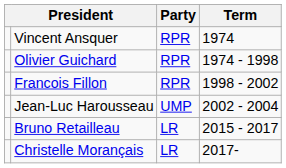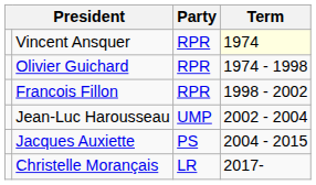 <table class="wikitable sortable">
 <tr>
 <th colspan="2">President</th>
 <th>Party</th>
 <th>Term</th>
 </tr>
 <tr>
 <td style="color:inherit;background:"></td>
 <td>Vincent Ansquer</td>
 <td><a href='#'>RPR</a></td>
-<td>1974</td>
+<td style="background: lightyellow;">1974</td>
 </tr>
 <tr>
 <td style="color:inherit;background:"></td>
 <td><a href='#'>Olivier Guichard</a></td>
 <td><a href='#'>RPR</a></td>
 <td>1974 - 1998</td>
 </tr>
 <tr>
 <td style="color:inherit;background:"></td>
 <td><a href='#'>Francois Fillon</a></td>
 <td><a href='#'>RPR</a></td>
 <td>1998 - 2002</td>
 </tr>
 <tr>
 <td style="color:inherit;background:"></td>
 <td>Jean-Luc Harousseau</td>
 <td><a href='#'>UMP</a></td>
 <td>2002 - 2004</td>
 </tr>
 <tr>
 <td style="color:inherit;background:"></td>
-<td><a href='#'>Bruno Retailleau</a></td>
-<td><a href='#'>LR</a></td>
-<td>2015 - 2017</td>
+<td><a href='#'>Jacques Auxiette</a></td>
+<td><a href='#'>PS</a></td>
+<td>2004 - 2015</td>
 </tr>
 <tr>
 <td style="color:inherit;background:"></td>
 <td><a href='#'>Christelle Morançais</a></td>
 <td><a href='#'>LR</a></td>
 <td>2017-</td>
 </tr>
 </table>
